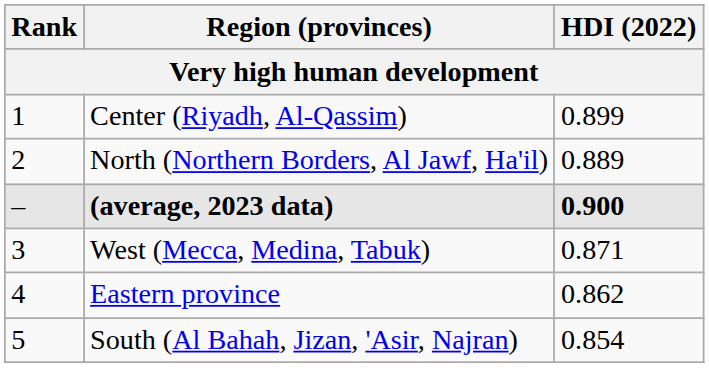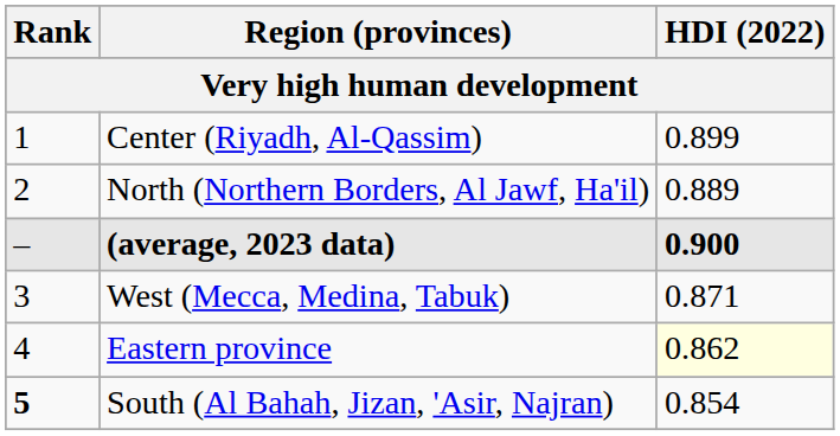 <table class="wikitable sortable">
 <tr>
 <th>Rank</th>
 <th>Region (provinces)</th>
 <th>HDI (2022)</th>
 </tr>
 <tr>
 <th colspan="3" style="color:090;">Very high human development</th>
 </tr>
 <tr>
 <td>1</td>
 <td>Center (<a href='#'>Riyadh</a>, <a href='#'>Al-Qassim</a>)</td>
 <td>0.899</td>
 </tr>
 <tr>
 <td>2</td>
 <td>North (<a href='#'>Northern Borders</a>, <a href='#'>Al Jawf</a>, <a href='#'>Ha'il</a>)</td>
 <td>0.889</td>
 </tr>
 <tr style="background:#e6e6e6">
 <td>–</td>
 <td><strong> (average, 2023 data)</strong></td>
 <td><strong>0.900</strong></td>
 </tr>
 <tr>
 <td>3</td>
 <td>West (<a href='#'>Mecca</a>, <a href='#'>Medina</a>, <a href='#'>Tabuk</a>)</td>
 <td>0.871</td>
 </tr>
 <tr>
 <td>4</td>
 <td><a href='#'>Eastern province</a></td>
-<td>0.862</td>
+<td style="background: lightyellow;">0.862</td>
 </tr>
 <tr>
-<td>5</td>
+<td><strong>5</strong></td>
 <td>South (<a href='#'>Al Bahah</a>, <a href='#'>Jizan</a>, <a href='#'>'Asir</a>, <a href='#'>Najran</a>)</td>
 <td>0.854</td>
 </tr>
 </table>
